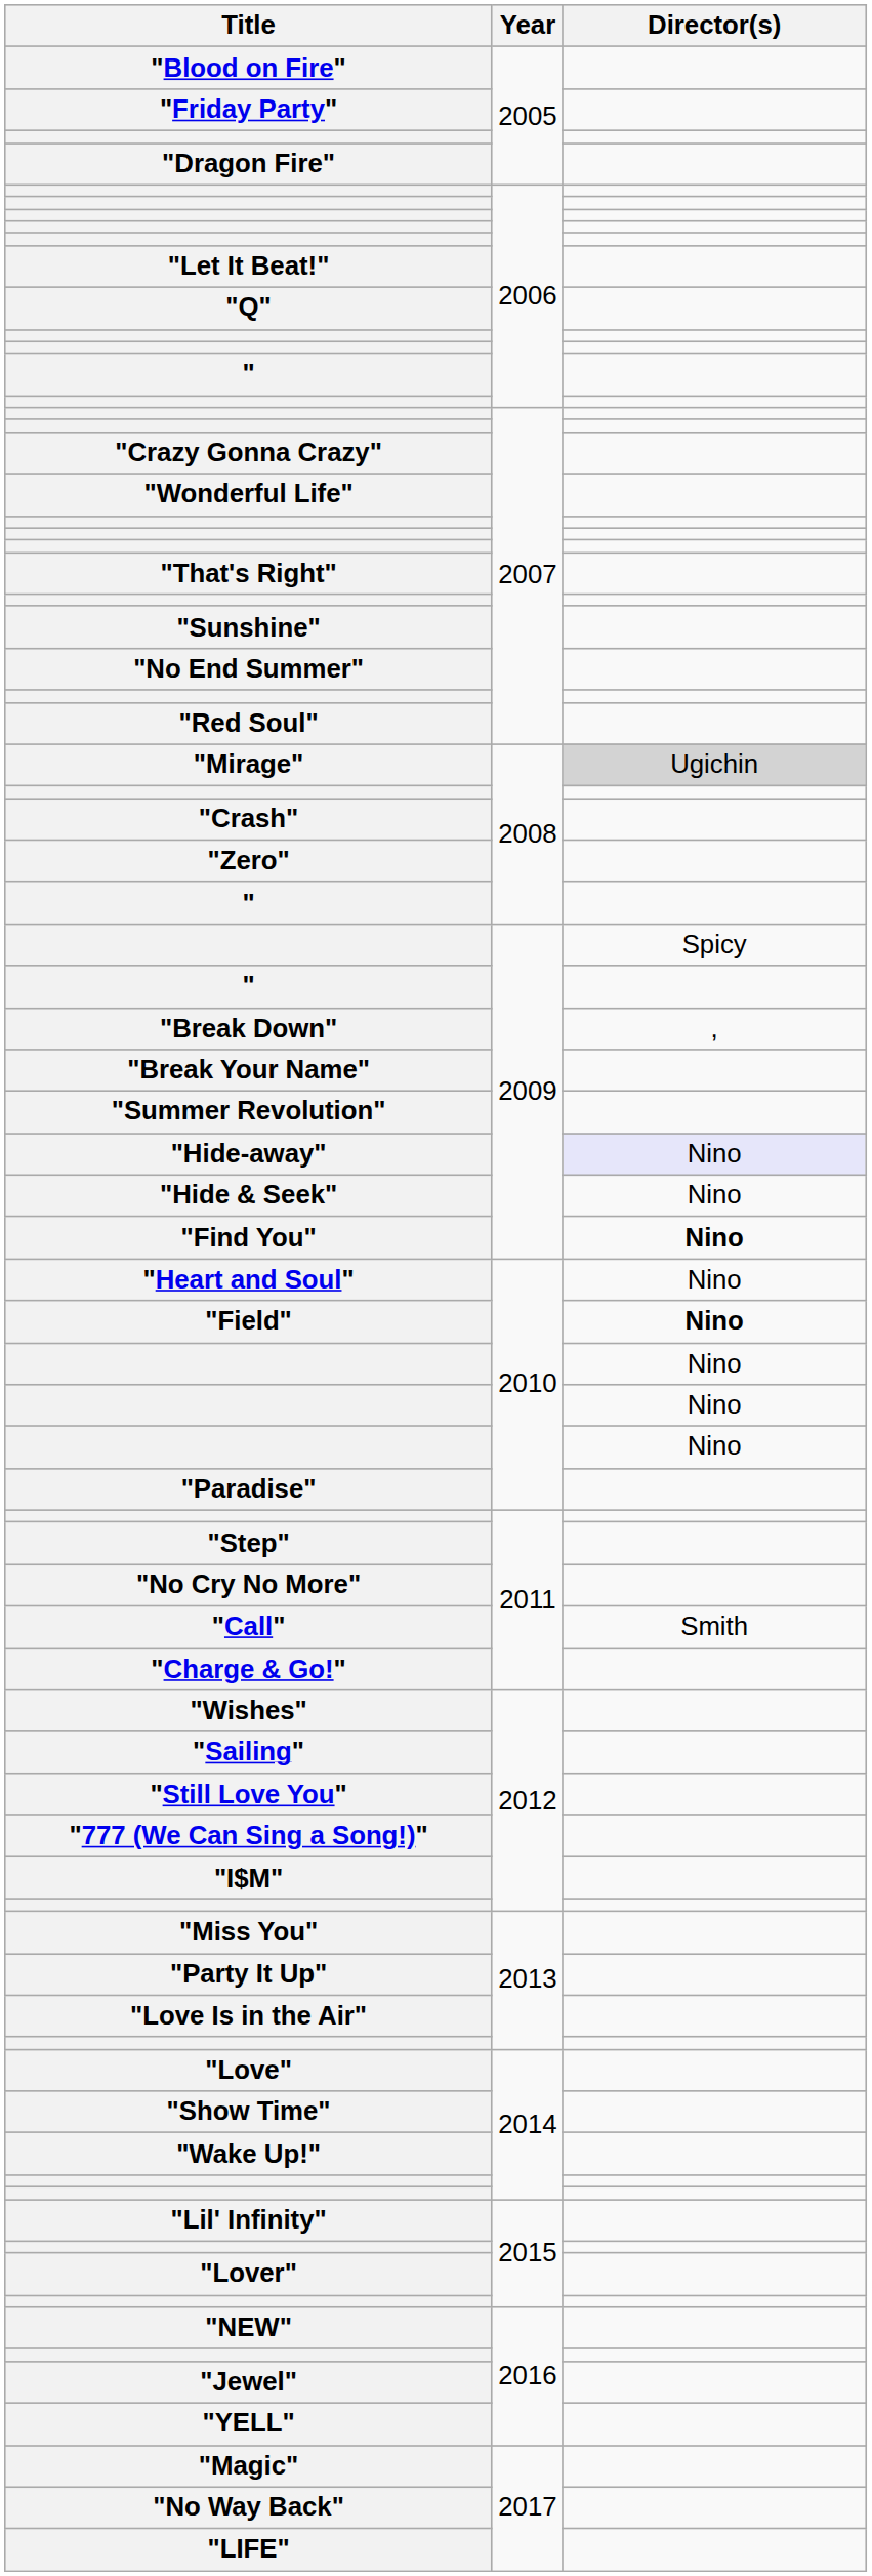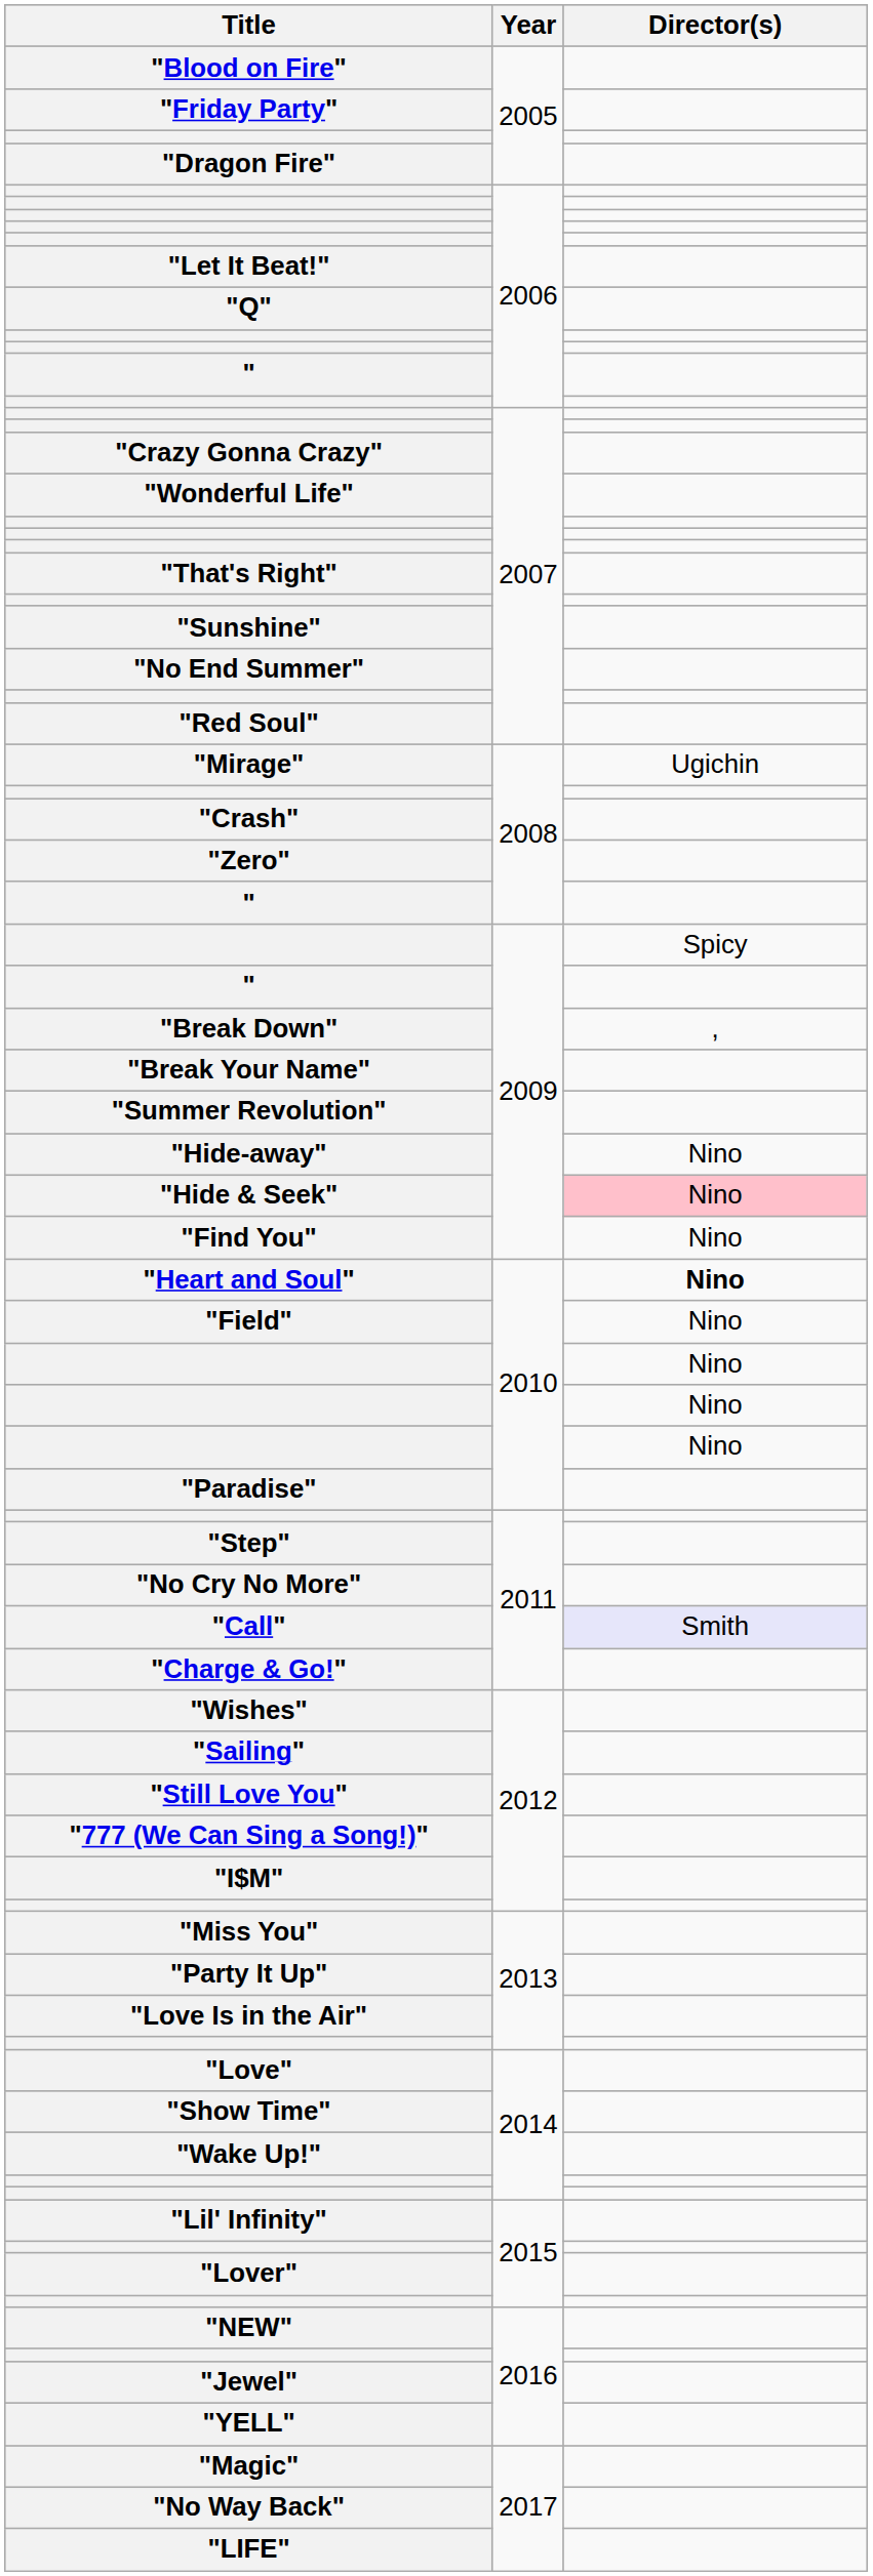 <table class="wikitable sortable plainrowheaders" style="text-align: center;">
 <tr>
 <th scope="col" style="width: 18em;">Title</th>
 <th scope="col" style="width: 2em;">Year</th>
 <th scope="col" style="width: 11em;">Director(s)</th>
 </tr>
 <tr>
 <th scope="row">"<a href='#'>Blood on Fire</a>"</th>
 <td rowspan="4">2005</td>
 <td></td>
 </tr>
 <tr>
 <th scope="row">"<a href='#'>Friday Party</a>"</th>
 <td></td>
 </tr>
 <tr>
 <th scope="row"></th>
 <td></td>
 </tr>
 <tr>
 <th scope="row">"Dragon Fire"</th>
 <td></td>
 </tr>
 <tr>
 <th scope="row"></th>
 <td rowspan="11">2006</td>
 <td></td>
 </tr>
 <tr>
 <th scope="row"></th>
 <td></td>
 </tr>
 <tr>
 <th scope="row"></th>
 <td></td>
 </tr>
 <tr>
 <th scope="row"></th>
 <td></td>
 </tr>
 <tr>
 <th scope="row"></th>
 <td></td>
 </tr>
 <tr>
 <th scope="row">"Let It Beat!"</th>
 <td></td>
 </tr>
 <tr>
 <th scope="row">"Q"</th>
 <td></td>
 </tr>
 <tr>
 <th scope="row"></th>
 <td></td>
 </tr>
 <tr>
 <th scope="row"></th>
 <td></td>
 </tr>
 <tr>
 <th scope="row">"</th>
 <td></td>
 </tr>
 <tr>
 <th scope="row"></th>
 <td></td>
 </tr>
 <tr>
 <th scope="row"></th>
 <td rowspan="13">2007</td>
 <td></td>
 </tr>
 <tr>
 <th scope="row"></th>
 <td></td>
 </tr>
 <tr>
 <th scope="row">"Crazy Gonna Crazy"</th>
 <td></td>
 </tr>
 <tr>
 <th scope="row">"Wonderful Life"</th>
 <td></td>
 </tr>
 <tr>
 <th scope="row"></th>
 <td></td>
 </tr>
 <tr>
 <th scope="row"></th>
 <td></td>
 </tr>
 <tr>
 <th scope="row"></th>
 <td></td>
 </tr>
 <tr>
 <th scope="row">"That's Right"</th>
 <td></td>
 </tr>
 <tr>
 <th scope="row"></th>
 <td></td>
 </tr>
 <tr>
 <th scope="row">"Sunshine"</th>
 <td></td>
 </tr>
 <tr>
 <th scope="row">"No End Summer"</th>
 <td></td>
 </tr>
 <tr>
 <th scope="row"></th>
 <td></td>
 </tr>
 <tr>
 <th scope="row">"Red Soul"</th>
 <td></td>
 </tr>
 <tr>
 <th scope="row">"Mirage"</th>
 <td rowspan="5">2008</td>
-<td style="background: lightgrey;">Ugichin</td>
+<td>Ugichin</td>
 </tr>
 <tr>
 <th scope="row"></th>
 <td></td>
 </tr>
 <tr>
 <th scope="row">"Crash"</th>
 <td></td>
 </tr>
 <tr>
 <th scope="row">"Zero"</th>
 <td></td>
 </tr>
 <tr>
 <th scope="row">"</th>
 <td></td>
 </tr>
 <tr>
 <th scope="row"></th>
 <td rowspan="8">2009</td>
 <td>Spicy</td>
 </tr>
 <tr>
 <th scope="row">"</th>
 <td></td>
 </tr>
 <tr>
 <th scope="row">"Break Down"</th>
 <td>, </td>
 </tr>
 <tr>
 <th scope="row">"Break Your Name"</th>
 <td></td>
 </tr>
 <tr>
 <th scope="row">"Summer Revolution"</th>
 <td></td>
 </tr>
 <tr>
 <th scope="row">"Hide-away"</th>
-<td style="background: lavender;">Nino</td>
+<td>Nino</td>
 </tr>
 <tr>
 <th scope="row">"Hide & Seek"</th>
-<td>Nino</td>
+<td style="background: pink;">Nino</td>
 </tr>
 <tr>
 <th scope="row">"Find You"</th>
-<td><strong>Nino</strong></td>
+<td>Nino</td>
 </tr>
 <tr>
 <th scope="row">"<a href='#'>Heart and Soul</a>"</th>
 <td rowspan="6">2010</td>
-<td>Nino</td>
+<td><strong>Nino</strong></td>
 </tr>
 <tr>
 <th scope="row">"Field"</th>
-<td><strong>Nino</strong></td>
+<td>Nino</td>
 </tr>
 <tr>
 <th scope="row"></th>
 <td>Nino</td>
 </tr>
 <tr>
 <th scope="row"></th>
 <td>Nino</td>
 </tr>
 <tr>
 <th scope="row"></th>
 <td>Nino</td>
 </tr>
 <tr>
 <th scope="row">"Paradise"</th>
 <td></td>
 </tr>
 <tr>
 <th scope="row"></th>
 <td rowspan="5">2011</td>
 <td></td>
 </tr>
 <tr>
 <th scope="row">"Step"</th>
 <td></td>
 </tr>
 <tr>
 <th scope="row">"No Cry No More"</th>
 <td></td>
 </tr>
 <tr>
 <th scope="row">"<a href='#'>Call</a>"</th>
-<td>Smith</td>
+<td style="background: lavender;">Smith</td>
 </tr>
 <tr>
 <th scope="row">"<a href='#'>Charge & Go!</a>"</th>
 <td></td>
 </tr>
 <tr>
 <th scope="row">"Wishes"</th>
 <td rowspan="6">2012</td>
 <td></td>
 </tr>
 <tr>
 <th scope="row">"<a href='#'>Sailing</a>"</th>
 <td></td>
 </tr>
 <tr>
 <th scope="row">"<a href='#'>Still Love You</a>"</th>
 <td></td>
 </tr>
 <tr>
 <th scope="row">"<a href='#'>777 (We Can Sing a Song!)</a>"</th>
 <td></td>
 </tr>
 <tr>
 <th scope="row">"I$M"</th>
 <td></td>
 </tr>
 <tr>
 <th scope="row"></th>
 <td></td>
 </tr>
 <tr>
 <th scope="row">"Miss You"</th>
 <td rowspan="4">2013</td>
 <td></td>
 </tr>
 <tr>
 <th scope="row">"Party It Up"</th>
 <td></td>
 </tr>
 <tr>
 <th scope="row">"Love Is in the Air"</th>
 <td></td>
 </tr>
 <tr>
 <th scope="row"></th>
 <td></td>
 </tr>
 <tr>
 <th scope="row">"Love"</th>
 <td rowspan="5">2014</td>
 <td></td>
 </tr>
 <tr>
 <th scope="row">"Show Time"</th>
 <td></td>
 </tr>
 <tr>
 <th scope="row">"Wake Up!"</th>
 <td></td>
 </tr>
 <tr>
 <th scope="row"></th>
 <td></td>
 </tr>
 <tr>
 <th scope="row"></th>
 <td></td>
 </tr>
 <tr>
 <th scope="row">"Lil' Infinity"</th>
 <td rowspan="4">2015</td>
 <td></td>
 </tr>
 <tr>
 <th scope="row"></th>
 <td></td>
 </tr>
 <tr>
 <th scope="row">"Lover"</th>
 <td></td>
 </tr>
 <tr>
 <th scope="row"></th>
 <td></td>
 </tr>
 <tr>
 <th scope="row">"NEW"</th>
 <td rowspan="4">2016</td>
 <td></td>
 </tr>
 <tr>
 <th scope="row"></th>
 <td></td>
 </tr>
 <tr>
 <th scope="row">"Jewel"</th>
 <td></td>
 </tr>
 <tr>
 <th scope="row">"YELL"</th>
 <td></td>
 </tr>
 <tr>
 <th scope="row">"Magic"</th>
 <td rowspan="3">2017</td>
 <td></td>
 </tr>
 <tr>
 <th scope="row">"No Way Back"</th>
 <td></td>
 </tr>
 <tr>
 <th scope="row">"LIFE"</th>
 <td></td>
 </tr>
 </table>
